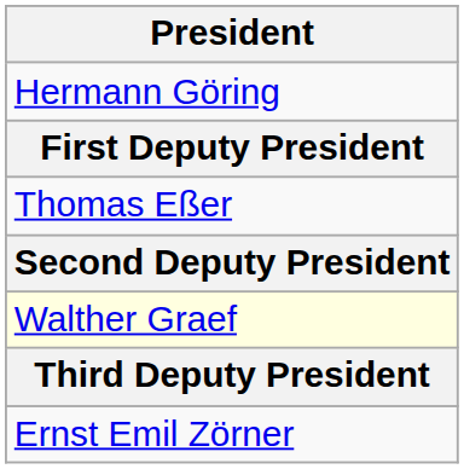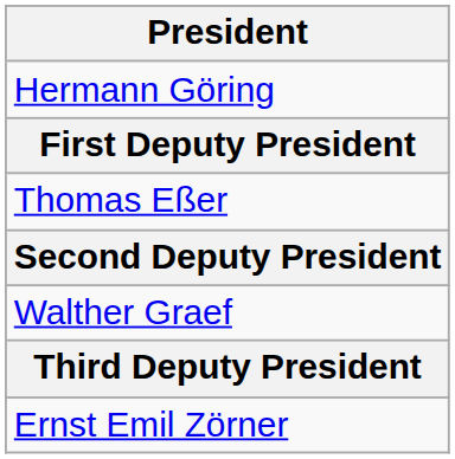 <table class="wikitable">
 <tr>
 <th>President</th>
 </tr>
 <tr>
 <td><a href='#'>Hermann Göring</a></td>
 </tr>
 <tr>
 <th>First Deputy President</th>
 </tr>
 <tr>
 <td><a href='#'>Thomas Eßer</a></td>
 </tr>
 <tr>
 <th>Second Deputy President</th>
 </tr>
 <tr>
-<td style="background: lightyellow;"><a href='#'>Walther Graef</a></td>
+<td><a href='#'>Walther Graef</a></td>
 </tr>
 <tr>
 <th>Third Deputy President</th>
 </tr>
 <tr>
 <td><a href='#'>Ernst Emil Zörner</a></td>
 </tr>
 </table>
